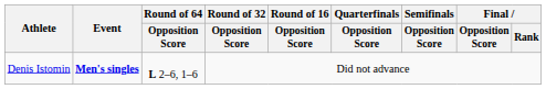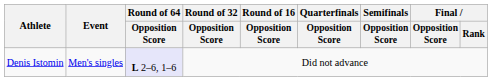 <table class=wikitable style="font-size:90%">
 <tr>
 <th rowspan="2">Athlete</th>
 <th rowspan="2">Event</th>
 <th>Round of 64</th>
 <th>Round of 32</th>
 <th>Round of 16</th>
 <th>Quarterfinals</th>
 <th>Semifinals</th>
 <th colspan=2>Final / </th>
 </tr>
 <tr style="font-size:95%">
 <th>Opposition<br>Score</th>
 <th>Opposition<br>Score</th>
 <th>Opposition<br>Score</th>
 <th>Opposition<br>Score</th>
 <th>Opposition<br>Score</th>
 <th>Opposition<br>Score</th>
 <th>Rank</th>
 </tr>
 <tr align=center>
 <td align=left><a href='#'>Denis Istomin</a></td>
-<td align=left><strong><a href='#'>Men's singles</a></strong></td>
-<td><br><strong>L</strong> 2–6, 1–6</td>
+<td align=left><a href='#'>Men's singles</a></td>
+<td style="background: lavender;"><br><strong>L</strong> 2–6, 1–6</td>
 <td colspan=6>Did not advance</td>
 </tr>
 </table>
